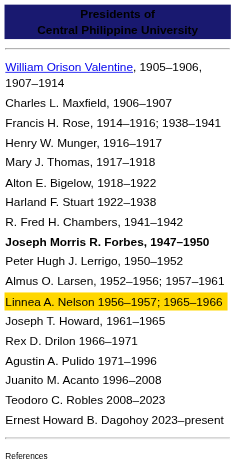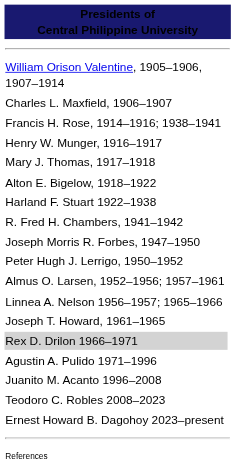 <table class="toccolours" style="float:right; margin-left:1em; font-size:90%; line-height:1.4em; width:280px;">
 <tr>
 <th colspan="2" style="text-align:center; background:#191970;"><span><strong>Presidents of<br>Central Philippine University</strong></span></th>
 </tr>
 <tr>
 <td colspan="2"><hr></td>
 </tr>
 <tr>
 <td><a href='#'>William Orison Valentine</a>, 1905–1906, 1907–1914</td>
 </tr>
 <tr>
 <td>Charles L. Maxfield, 1906–1907</td>
 </tr>
 <tr>
 <td>Francis H. Rose, 1914–1916; 1938–1941</td>
 </tr>
 <tr>
 <td>Henry W. Munger, 1916–1917</td>
 </tr>
 <tr>
 <td>Mary J. Thomas, 1917–1918</td>
 </tr>
 <tr>
 <td>Alton E. Bigelow, 1918–1922</td>
 </tr>
 <tr>
 <td>Harland F. Stuart 1922–1938</td>
 </tr>
 <tr>
 <td>R. Fred H. Chambers, 1941–1942</td>
 </tr>
 <tr>
-<td><strong>Joseph Morris R. Forbes, 1947–1950</strong></td>
+<td>Joseph Morris R. Forbes, 1947–1950</td>
 </tr>
 <tr>
 <td>Peter Hugh J. Lerrigo, 1950–1952</td>
 </tr>
 <tr>
 <td>Almus O. Larsen, 1952–1956; 1957–1961</td>
 </tr>
 <tr>
-<td style="background: gold;">Linnea A. Nelson 1956–1957; 1965–1966</td>
+<td>Linnea A. Nelson 1956–1957; 1965–1966</td>
 </tr>
 <tr>
 <td>Joseph T. Howard, 1961–1965</td>
 </tr>
 <tr>
-<td>Rex D. Drilon 1966–1971</td>
+<td style="background: lightgrey;">Rex D. Drilon 1966–1971</td>
 </tr>
 <tr>
 <td>Agustin A. Pulido 1971–1996</td>
 </tr>
 <tr>
 <td>Juanito M. Acanto 1996–2008</td>
 </tr>
 <tr>
 <td>Teodoro C. Robles 2008–2023</td>
 </tr>
 <tr>
 <td>Ernest Howard B. Dagohoy 2023–present</td>
 </tr>
 <tr>
 <td colspan="2"><hr></td>
 </tr>
 <tr>
 <td style="font-size:70%">References</td>
 <td></td>
 </tr>
 </table>
